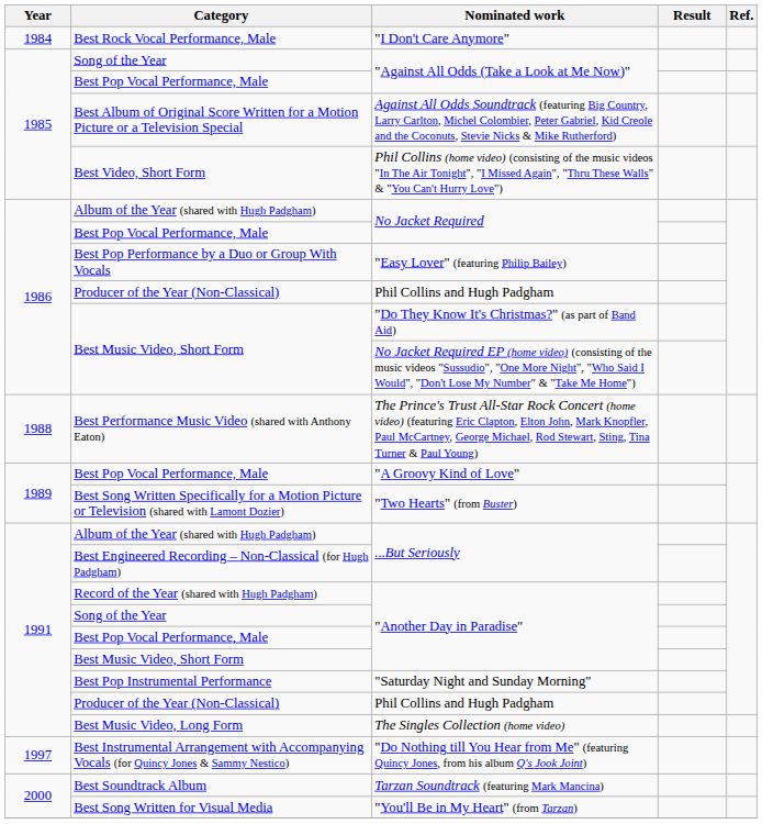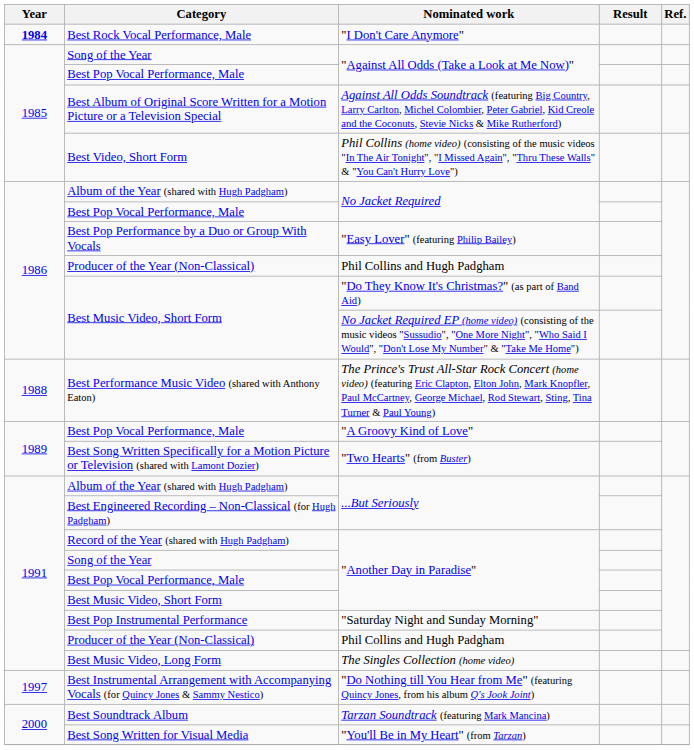 <table class=wikitable>
 <tr>
 <th scope="col" style="width:5em;">Year</th>
 <th scope="col" style="width:26em;">Category</th>
 <th scope="col" style="width:25em;">Nominated work</th>
 <th scope="col" style="width:5em;">Result</th>
 <th>Ref.</th>
 </tr>
 <tr>
-<td style="text-align:center;"><a href='#'>1984</a></td>
+<td style="text-align:center;"><strong><a href='#'>1984</a></strong></td>
 <td><a href='#'>Best Rock Vocal Performance, Male</a></td>
 <td>"<a href='#'>I Don't Care Anymore</a>"</td>
 <td></td>
 <td></td>
 </tr>
 <tr>
 <td style="text-align:center;", rowspan="4"><a href='#'>1985</a></td>
 <td><a href='#'>Song of the Year</a></td>
 <td rowspan="2">"<a href='#'>Against All Odds (Take a Look at Me Now)</a>"</td>
 <td></td>
 <td></td>
 </tr>
 <tr>
 <td><a href='#'>Best Pop Vocal Performance, Male</a></td>
 <td></td>
 <td></td>
 </tr>
 <tr>
 <td><a href='#'>Best Album of Original Score Written for a Motion Picture or a Television Special</a></td>
 <td><em><a href='#'>Against All Odds Soundtrack</a></em> <small>(featuring <a href='#'>Big Country</a>, <a href='#'>Larry Carlton</a>, <a href='#'>Michel Colombier</a>, <a href='#'>Peter Gabriel</a>, <a href='#'>Kid Creole and the Coconuts</a>, <a href='#'>Stevie Nicks</a> & <a href='#'>Mike Rutherford</a>)</small></td>
 <td></td>
 <td></td>
 </tr>
 <tr>
 <td><a href='#'>Best Video, Short Form</a></td>
 <td><em>Phil Collins <small>(home video)</small></em> <small>(consisting of the music videos "<a href='#'>In The Air Tonight</a>", "<a href='#'>I Missed Again</a>", "<a href='#'>Thru These Walls</a>" & "<a href='#'>You Can't Hurry Love</a>")</small></td>
 <td></td>
 <td></td>
 </tr>
 <tr>
 <td style="text-align:center;", rowspan="6"><a href='#'>1986</a></td>
 <td><a href='#'>Album of the Year</a> <small>(shared with <a href='#'>Hugh Padgham</a>)</small></td>
 <td rowspan="2"><em><a href='#'>No Jacket Required</a></em></td>
 <td></td>
 <td rowspan="6"></td>
 </tr>
 <tr>
 <td><a href='#'>Best Pop Vocal Performance, Male</a></td>
 <td></td>
 </tr>
 <tr>
 <td><a href='#'>Best Pop Performance by a Duo or Group With Vocals</a></td>
 <td>"<a href='#'>Easy Lover</a>" <small>(featuring <a href='#'>Philip Bailey</a>)</small></td>
 <td></td>
 </tr>
 <tr>
 <td><a href='#'>Producer of the Year (Non-Classical)</a></td>
 <td>Phil Collins and Hugh Padgham</td>
 <td></td>
 </tr>
 <tr>
 <td rowspan="2"><a href='#'>Best Music Video, Short Form</a></td>
 <td>"<a href='#'>Do They Know It's Christmas?</a>" <small>(as part of <a href='#'>Band Aid</a>)</small></td>
 <td></td>
 </tr>
 <tr>
 <td><em><a href='#'>No Jacket Required EP <small>(home video)</small></a></em> <small>(consisting of the music videos "<a href='#'>Sussudio</a>", "<a href='#'>One More Night</a>", "<a href='#'>Who Said I Would</a>", "<a href='#'>Don't Lose My Number</a>" & "<a href='#'>Take Me Home</a>")</small></td>
 <td></td>
 </tr>
 <tr>
 <td style="text-align:center;"><a href='#'>1988</a></td>
 <td><a href='#'>Best Performance Music Video</a> <small>(shared with Anthony Eaton)</small></td>
 <td><em>The Prince's Trust All-Star Rock Concert <small>(home video)</small></em> <small>(featuring <a href='#'>Eric Clapton</a>, <a href='#'>Elton John</a>, <a href='#'>Mark Knopfler</a>, <a href='#'>Paul McCartney</a>, <a href='#'>George Michael</a>, <a href='#'>Rod Stewart</a>, <a href='#'>Sting</a>, <a href='#'>Tina Turner</a> & <a href='#'>Paul Young</a>)</small></td>
 <td></td>
 <td></td>
 </tr>
 <tr>
 <td style="text-align:center;", rowspan="2"><a href='#'>1989</a></td>
 <td><a href='#'>Best Pop Vocal Performance, Male</a></td>
 <td>"<a href='#'>A Groovy Kind of Love</a>"</td>
 <td></td>
 <td rowspan="2"></td>
 </tr>
 <tr>
 <td><a href='#'>Best Song Written Specifically for a Motion Picture or Television</a> <small>(shared with <a href='#'>Lamont Dozier</a>)</small></td>
 <td>"<a href='#'>Two Hearts</a>" <small>(from <em><a href='#'>Buster</a></em>)</small></td>
 <td></td>
 </tr>
 <tr>
 <td style="text-align:center;", rowspan="9"><a href='#'>1991</a></td>
 <td><a href='#'>Album of the Year</a> <small>(shared with <a href='#'>Hugh Padgham</a>)</small></td>
 <td rowspan="2"><em><a href='#'>...But Seriously</a></em></td>
 <td></td>
 <td rowspan="8"></td>
 </tr>
 <tr>
 <td><a href='#'>Best Engineered Recording – Non-Classical</a> <small>(for <a href='#'>Hugh Padgham</a>)</small></td>
 <td></td>
 </tr>
 <tr>
 <td><a href='#'>Record of the Year</a> <small>(shared with <a href='#'>Hugh Padgham</a>)</small></td>
 <td rowspan="4">"<a href='#'>Another Day in Paradise</a>"</td>
 <td></td>
 </tr>
 <tr>
 <td><a href='#'>Song of the Year</a></td>
 <td></td>
 </tr>
 <tr>
 <td><a href='#'>Best Pop Vocal Performance, Male</a></td>
 <td></td>
 </tr>
 <tr>
 <td><a href='#'>Best Music Video, Short Form</a></td>
 <td></td>
 </tr>
 <tr>
 <td><a href='#'>Best Pop Instrumental Performance</a></td>
 <td>"Saturday Night and Sunday Morning"</td>
 <td></td>
 </tr>
 <tr>
 <td><a href='#'>Producer of the Year (Non-Classical)</a></td>
 <td>Phil Collins and Hugh Padgham</td>
 <td></td>
 </tr>
 <tr>
 <td><a href='#'>Best Music Video, Long Form</a></td>
 <td><em>The Singles Collection <small>(home video)</small></em></td>
 <td></td>
 <td></td>
 </tr>
 <tr>
 <td style="text-align:center;"><a href='#'>1997</a></td>
 <td><a href='#'>Best Instrumental Arrangement with Accompanying Vocals</a> <small>(for <a href='#'>Quincy Jones</a> & <a href='#'>Sammy Nestico</a>)</small></td>
 <td>"<a href='#'>Do Nothing till You Hear from Me</a>" <small>(featuring <a href='#'>Quincy Jones</a>, from his album <em><a href='#'>Q's Jook Joint</a></em>)</small></td>
 <td></td>
 <td></td>
 </tr>
 <tr>
 <td style="text-align:center;", rowspan="2"><a href='#'>2000</a></td>
 <td><a href='#'>Best Soundtrack Album</a></td>
 <td><em><a href='#'>Tarzan Soundtrack</a></em> <small>(featuring <a href='#'>Mark Mancina</a>)</small></td>
 <td></td>
 <td></td>
 </tr>
 <tr>
 <td><a href='#'>Best Song Written for Visual Media</a></td>
 <td>"<a href='#'>You'll Be in My Heart</a>" <small>(from <em><a href='#'>Tarzan</a></em>)</small></td>
 <td></td>
 <td></td>
 </tr>
 <tr>
 </tr>
 </table>
